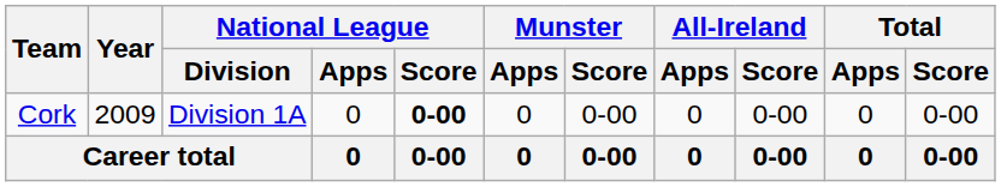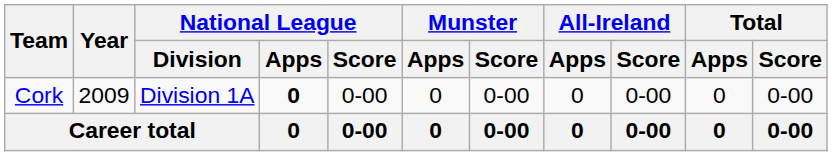 <table class="wikitable" style="text-align:center">
 <tr>
 <th rowspan="2">Team</th>
 <th rowspan="2">Year</th>
 <th colspan="3"><a href='#'>National League</a></th>
 <th colspan="2"><a href='#'>Munster</a></th>
 <th colspan="2"><a href='#'>All-Ireland</a></th>
 <th colspan="2">Total</th>
 </tr>
 <tr>
 <th>Division</th>
 <th>Apps</th>
 <th>Score</th>
 <th>Apps</th>
 <th>Score</th>
 <th>Apps</th>
 <th>Score</th>
 <th>Apps</th>
 <th>Score</th>
 </tr>
 <tr>
 <td rowspan="1"><a href='#'>Cork</a></td>
 <td>2009</td>
 <td rowspan="1"><a href='#'>Division 1A</a></td>
-<td>0</td>
-<td><strong>0-00</strong></td>
+<td><strong>0</strong></td>
+<td>0-00</td>
 <td>0</td>
 <td>0-00</td>
 <td>0</td>
 <td>0-00</td>
 <td>0</td>
 <td>0-00</td>
 </tr>
 <tr>
 <th colspan="3">Career total</th>
 <th>0</th>
 <th>0-00</th>
 <th>0</th>
 <th>0-00</th>
 <th>0</th>
 <th>0-00</th>
 <th>0</th>
 <th>0-00</th>
 </tr>
 </table>
